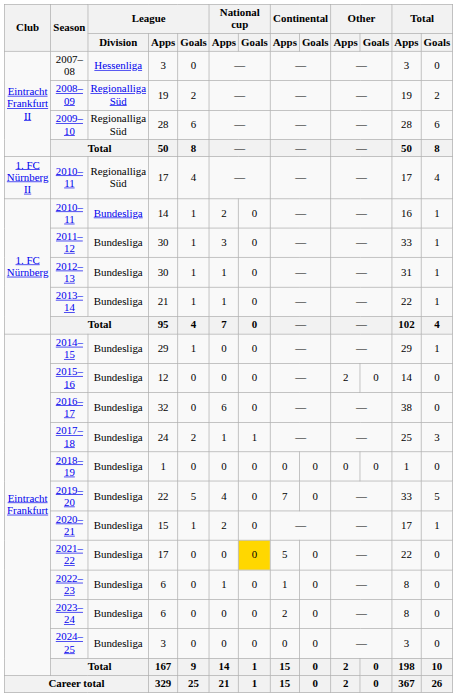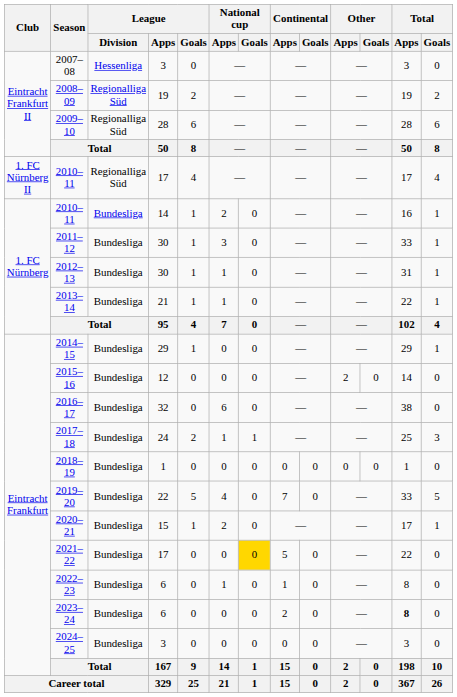 <table class="wikitable" Style="text-align: center">
 <tr>
 <th rowspan="2">Club</th>
 <th rowspan="2">Season</th>
 <th colspan="3">League</th>
 <th colspan="2">National cup</th>
 <th colspan="2">Continental</th>
 <th colspan="2">Other</th>
 <th colspan="2">Total</th>
 </tr>
 <tr>
 <th>Division</th>
 <th>Apps</th>
 <th>Goals</th>
 <th>Apps</th>
 <th>Goals</th>
 <th>Apps</th>
 <th>Goals</th>
 <th>Apps</th>
 <th>Goals</th>
 <th>Apps</th>
 <th>Goals</th>
 </tr>
 <tr>
 <td rowspan="4"><a href='#'>Eintracht Frankfurt II</a></td>
 <td>2007–08</td>
 <td><a href='#'>Hessenliga</a></td>
 <td>3</td>
 <td>0</td>
 <td colspan="2">—</td>
 <td colspan="2">—</td>
 <td colspan="2">—</td>
 <td>3</td>
 <td>0</td>
 </tr>
 <tr>
 <td><a href='#'>2008–09</a></td>
 <td><a href='#'>Regionalliga Süd</a></td>
 <td>19</td>
 <td>2</td>
 <td colspan="2">—</td>
 <td colspan="2">—</td>
 <td colspan="2">—</td>
 <td>19</td>
 <td>2</td>
 </tr>
 <tr>
 <td><a href='#'>2009–10</a></td>
 <td>Regionalliga Süd</td>
 <td>28</td>
 <td>6</td>
 <td colspan="2">—</td>
 <td colspan="2">—</td>
 <td colspan="2">—</td>
 <td>28</td>
 <td>6</td>
 </tr>
 <tr>
 <th colspan="2">Total</th>
 <th>50</th>
 <th>8</th>
 <th colspan="2">—</th>
 <th colspan="2">—</th>
 <th colspan="2">—</th>
 <th>50</th>
 <th>8</th>
 </tr>
 <tr>
 <td><a href='#'>1. FC Nürnberg II</a></td>
 <td><a href='#'>2010–11</a></td>
 <td>Regionalliga Süd</td>
 <td>17</td>
 <td>4</td>
 <td colspan="2">—</td>
 <td colspan="2">—</td>
 <td colspan="2">—</td>
 <td>17</td>
 <td>4</td>
 </tr>
 <tr>
 <td rowspan="5"><a href='#'>1. FC Nürnberg</a></td>
 <td><a href='#'>2010–11</a></td>
 <td><a href='#'>Bundesliga</a></td>
 <td>14</td>
 <td>1</td>
 <td>2</td>
 <td>0</td>
 <td colspan="2">—</td>
 <td colspan="2">—</td>
 <td>16</td>
 <td>1</td>
 </tr>
 <tr>
 <td><a href='#'>2011–12</a></td>
 <td>Bundesliga</td>
 <td>30</td>
 <td>1</td>
 <td>3</td>
 <td>0</td>
 <td colspan="2">—</td>
 <td colspan="2">—</td>
 <td>33</td>
 <td>1</td>
 </tr>
 <tr>
 <td><a href='#'>2012–13</a></td>
 <td>Bundesliga</td>
 <td>30</td>
 <td>1</td>
 <td>1</td>
 <td>0</td>
 <td colspan="2">—</td>
 <td colspan="2">—</td>
 <td>31</td>
 <td>1</td>
 </tr>
 <tr>
 <td><a href='#'>2013–14</a></td>
 <td>Bundesliga</td>
 <td>21</td>
 <td>1</td>
 <td>1</td>
 <td>0</td>
 <td colspan="2">—</td>
 <td colspan="2">—</td>
 <td>22</td>
 <td>1</td>
 </tr>
 <tr>
 <th colspan="2">Total</th>
 <th>95</th>
 <th>4</th>
 <th>7</th>
 <th>0</th>
 <th colspan="2">—</th>
 <th colspan="2">—</th>
 <th>102</th>
 <th>4</th>
 </tr>
 <tr>
 <td rowspan="12"><a href='#'>Eintracht Frankfurt</a></td>
 <td><a href='#'>2014–15</a></td>
 <td>Bundesliga</td>
 <td>29</td>
 <td>1</td>
 <td>0</td>
 <td>0</td>
 <td colspan="2">—</td>
 <td colspan="2">—</td>
 <td>29</td>
 <td>1</td>
 </tr>
 <tr>
 <td><a href='#'>2015–16</a></td>
 <td>Bundesliga</td>
 <td>12</td>
 <td>0</td>
 <td>0</td>
 <td>0</td>
 <td colspan="2">—</td>
 <td>2</td>
 <td>0</td>
 <td>14</td>
 <td>0</td>
 </tr>
 <tr>
 <td><a href='#'>2016–17</a></td>
 <td>Bundesliga</td>
 <td>32</td>
 <td>0</td>
 <td>6</td>
 <td>0</td>
 <td colspan="2">—</td>
 <td colspan="2">—</td>
 <td>38</td>
 <td>0</td>
 </tr>
 <tr>
 <td><a href='#'>2017–18</a></td>
 <td>Bundesliga</td>
 <td>24</td>
 <td>2</td>
 <td>1</td>
 <td>1</td>
 <td colspan="2">—</td>
 <td colspan="2">—</td>
 <td>25</td>
 <td>3</td>
 </tr>
 <tr>
 <td><a href='#'>2018–19</a></td>
 <td>Bundesliga</td>
 <td>1</td>
 <td>0</td>
 <td>0</td>
 <td>0</td>
 <td>0</td>
 <td>0</td>
 <td>0</td>
 <td>0</td>
 <td>1</td>
 <td>0</td>
 </tr>
 <tr>
 <td><a href='#'>2019–20</a></td>
 <td>Bundesliga</td>
 <td>22</td>
 <td>5</td>
 <td>4</td>
 <td>0</td>
 <td>7</td>
 <td>0</td>
 <td colspan="2">—</td>
 <td>33</td>
 <td>5</td>
 </tr>
 <tr>
 <td><a href='#'>2020–21</a></td>
 <td>Bundesliga</td>
 <td>15</td>
 <td>1</td>
 <td>2</td>
 <td>0</td>
 <td colspan="2">—</td>
 <td colspan="2">—</td>
 <td>17</td>
 <td>1</td>
 </tr>
 <tr>
 <td><a href='#'>2021–22</a></td>
 <td>Bundesliga</td>
 <td>17</td>
 <td>0</td>
 <td>0</td>
 <td style="background: gold;">0</td>
 <td>5</td>
 <td>0</td>
 <td colspan="2">—</td>
 <td>22</td>
 <td>0</td>
 </tr>
 <tr>
 <td><a href='#'>2022–23</a></td>
 <td>Bundesliga</td>
 <td>6</td>
 <td>0</td>
 <td>1</td>
 <td>0</td>
 <td>1</td>
 <td>0</td>
 <td colspan="2">—</td>
 <td>8</td>
 <td>0</td>
 </tr>
 <tr>
 <td><a href='#'>2023–24</a></td>
 <td>Bundesliga</td>
 <td>6</td>
 <td>0</td>
 <td>0</td>
 <td>0</td>
 <td>2</td>
 <td>0</td>
 <td colspan="2">—</td>
-<td>8</td>
+<td><strong>8</strong></td>
 <td>0</td>
 </tr>
 <tr>
 <td><a href='#'>2024–25</a></td>
 <td>Bundesliga</td>
 <td>3</td>
 <td>0</td>
 <td>0</td>
 <td>0</td>
 <td>0</td>
 <td>0</td>
 <td colspan="2">—</td>
 <td>3</td>
 <td>0</td>
 </tr>
 <tr>
 <th colspan="2">Total</th>
 <th>167</th>
 <th>9</th>
 <th>14</th>
 <th>1</th>
 <th>15</th>
 <th>0</th>
 <th>2</th>
 <th>0</th>
 <th>198</th>
 <th>10</th>
 </tr>
 <tr>
 <th colspan="3">Career total</th>
 <th>329</th>
 <th>25</th>
 <th>21</th>
 <th>1</th>
 <th>15</th>
 <th>0</th>
 <th>2</th>
 <th>0</th>
 <th>367</th>
 <th>26</th>
 </tr>
 </table>
